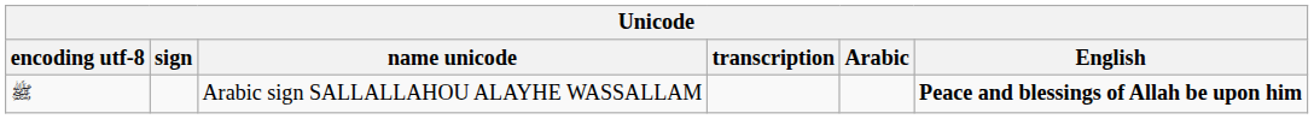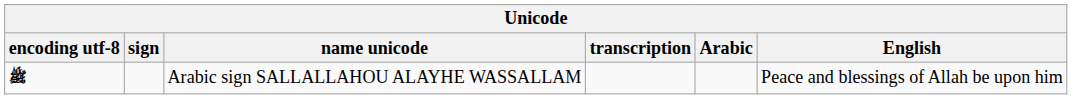 <table class="wikitable">
 <tr>
 <th colspan="6">Unicode</th>
 </tr>
 <tr>
 <th>encoding utf-8</th>
 <th>sign</th>
 <th>name unicode</th>
 <th>transcription</th>
 <th>Arabic</th>
 <th>English</th>
 </tr>
 <tr>
-<td><code>&#65018;</code></td>
+<td><strong><code>&#65018;</code></strong></td>
 <td></td>
 <td>Arabic sign SALLALLAHOU ALAYHE WASSALLAM</td>
 <td></td>
 <td></td>
-<td><strong>Peace and blessings of Allah be upon him</strong></td>
+<td>Peace and blessings of Allah be upon him</td>
 </tr>
 </table>
